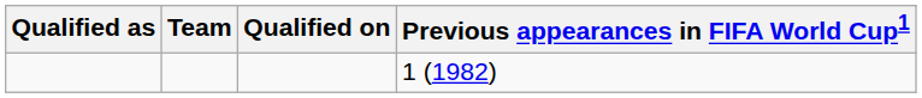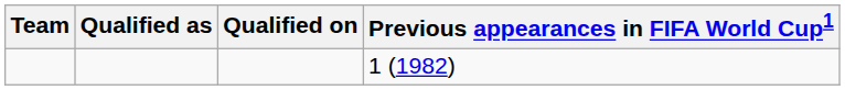 <table class="wikitable sortable">
 <tr>
+<th>Team</th>
 <th>Qualified as</th>
-<th>Team</th>
 <th>Qualified on</th>
 <th data-sort-type="number">Previous <a href='#'>appearances</a> in <a href='#'>FIFA World Cup</a><sup><strong><a href='#'>1</a></strong></sup></th>
 </tr>
 <tr>
 <td></td>
 <td></td>
 <td></td>
 <td>1 (<a href='#'>1982</a>)</td>
 </tr>
 </table>
